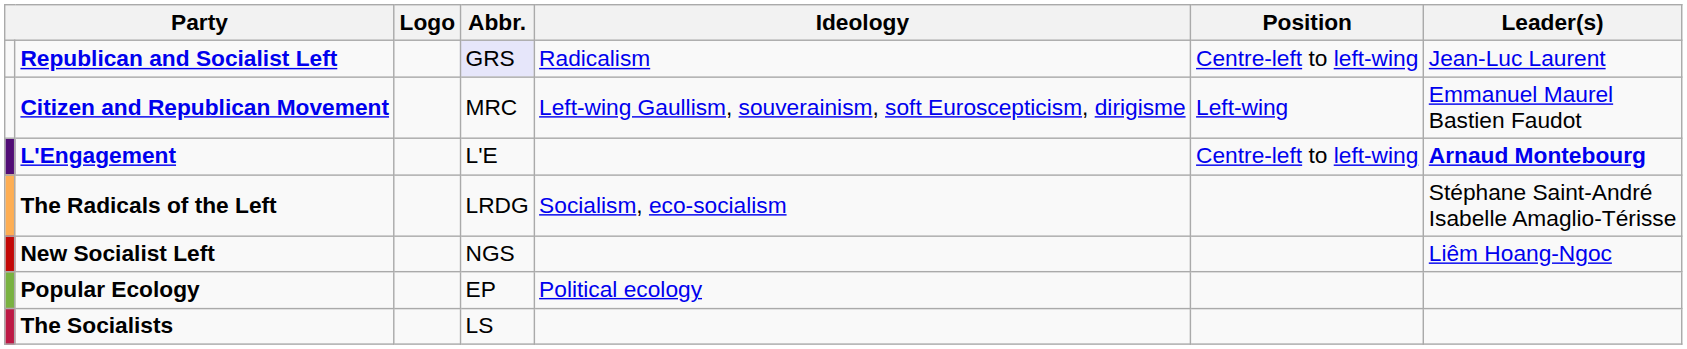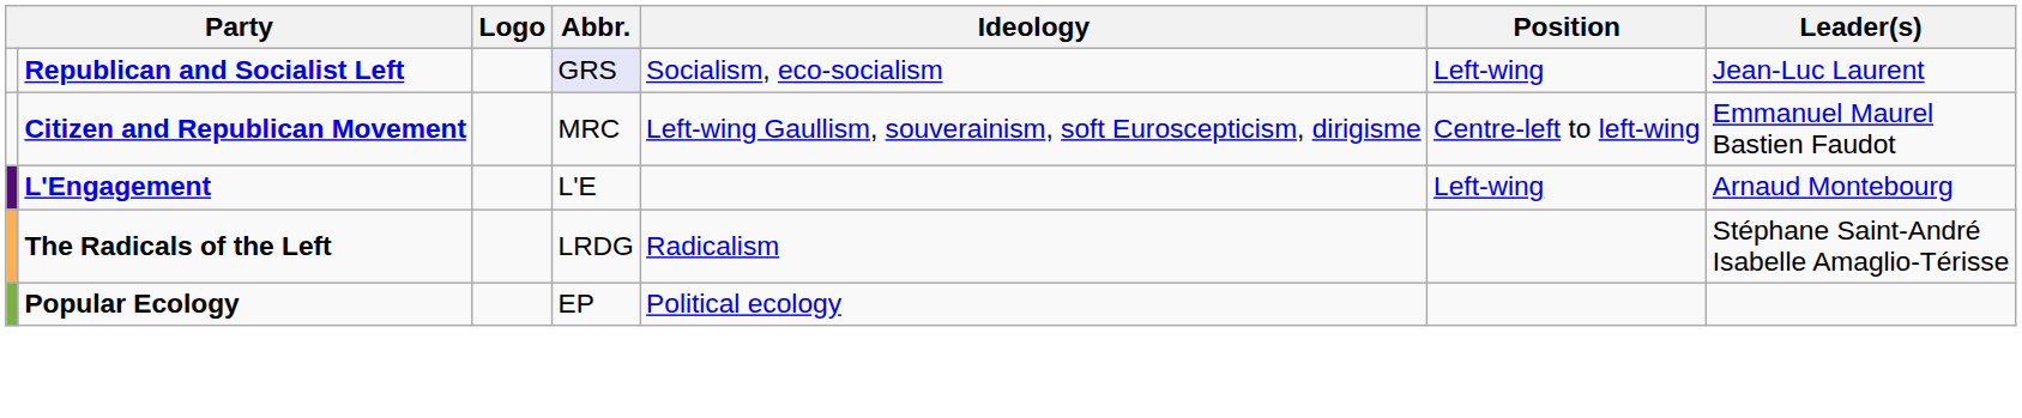 <table class="wikitable" style="font-size:100%">
 <tr>
 <th colspan="2">Party</th>
 <th>Logo</th>
 <th>Abbr.</th>
 <th>Ideology</th>
 <th>Position</th>
 <th>Leader(s)</th>
 </tr>
 <tr>
 <td style="background-color:"></td>
 <td><strong><a href='#'>Republican and Socialist Left</a></strong></td>
 <td></td>
 <td style="background: lavender;">GRS</td>
-<td><a href='#'>Radicalism</a></td>
-<td><a href='#'>Centre-left</a> to <a href='#'>left-wing</a></td>
+<td><a href='#'>Socialism</a>, <a href='#'>eco-socialism</a></td>
+<td><a href='#'>Left-wing</a></td>
 <td><a href='#'>Jean-Luc Laurent</a></td>
 </tr>
 <tr>
 <td style="background-color:"></td>
 <td><strong><a href='#'>Citizen and Republican Movement</a></strong></td>
 <td></td>
 <td>MRC</td>
 <td><a href='#'>Left-wing Gaullism</a>, <a href='#'>souverainism</a>, <a href='#'>soft Euroscepticism</a>, <a href='#'>dirigisme</a></td>
-<td><a href='#'>Left-wing</a></td>
+<td><a href='#'>Centre-left</a> to <a href='#'>left-wing</a></td>
 <td><a href='#'>Emmanuel Maurel</a><br>Bastien Faudot</td>
 </tr>
 <tr>
 <td style="background-color:#510C76"></td>
 <td><strong><a href='#'>L'Engagement</a></strong></td>
 <td></td>
 <td>L'E</td>
 <td></td>
-<td><a href='#'>Centre-left</a> to <a href='#'>left-wing</a></td>
-<td><strong><a href='#'>Arnaud Montebourg</a></strong></td>
+<td><a href='#'>Left-wing</a></td>
+<td><a href='#'>Arnaud Montebourg</a></td>
 </tr>
 <tr>
 <td style="background-color:#FEAE53"></td>
 <td><strong>The Radicals of the Left</strong></td>
 <td></td>
 <td>LRDG</td>
-<td><a href='#'>Socialism</a>, <a href='#'>eco-socialism</a></td>
+<td><a href='#'>Radicalism</a></td>
 <td></td>
 <td>Stéphane Saint-André<br>Isabelle Amaglio-Térisse</td>
-</tr>
-<tr>
-<td style="background-color:#C30706"></td>
-<td><strong>New Socialist Left</strong></td>
-<td></td>
-<td>NGS</td>
-<td></td>
-<td></td>
-<td><a href='#'>Liêm Hoang-Ngoc</a></td>
 </tr>
 <tr>
 <td style="background-color:#79B241"></td>
 <td><strong>Popular Ecology</strong></td>
 <td></td>
 <td>EP</td>
 <td><a href='#'>Political ecology</a></td>
 <td></td>
 <td></td>
 </tr>
-<tr>
-<td style="background-color:#BD1945"></td>
-<td><strong>The Socialists</strong></td>
-<td></td>
-<td>LS</td>
-<td></td>
-<td></td>
-<td></td>
-</tr>
 </table>
